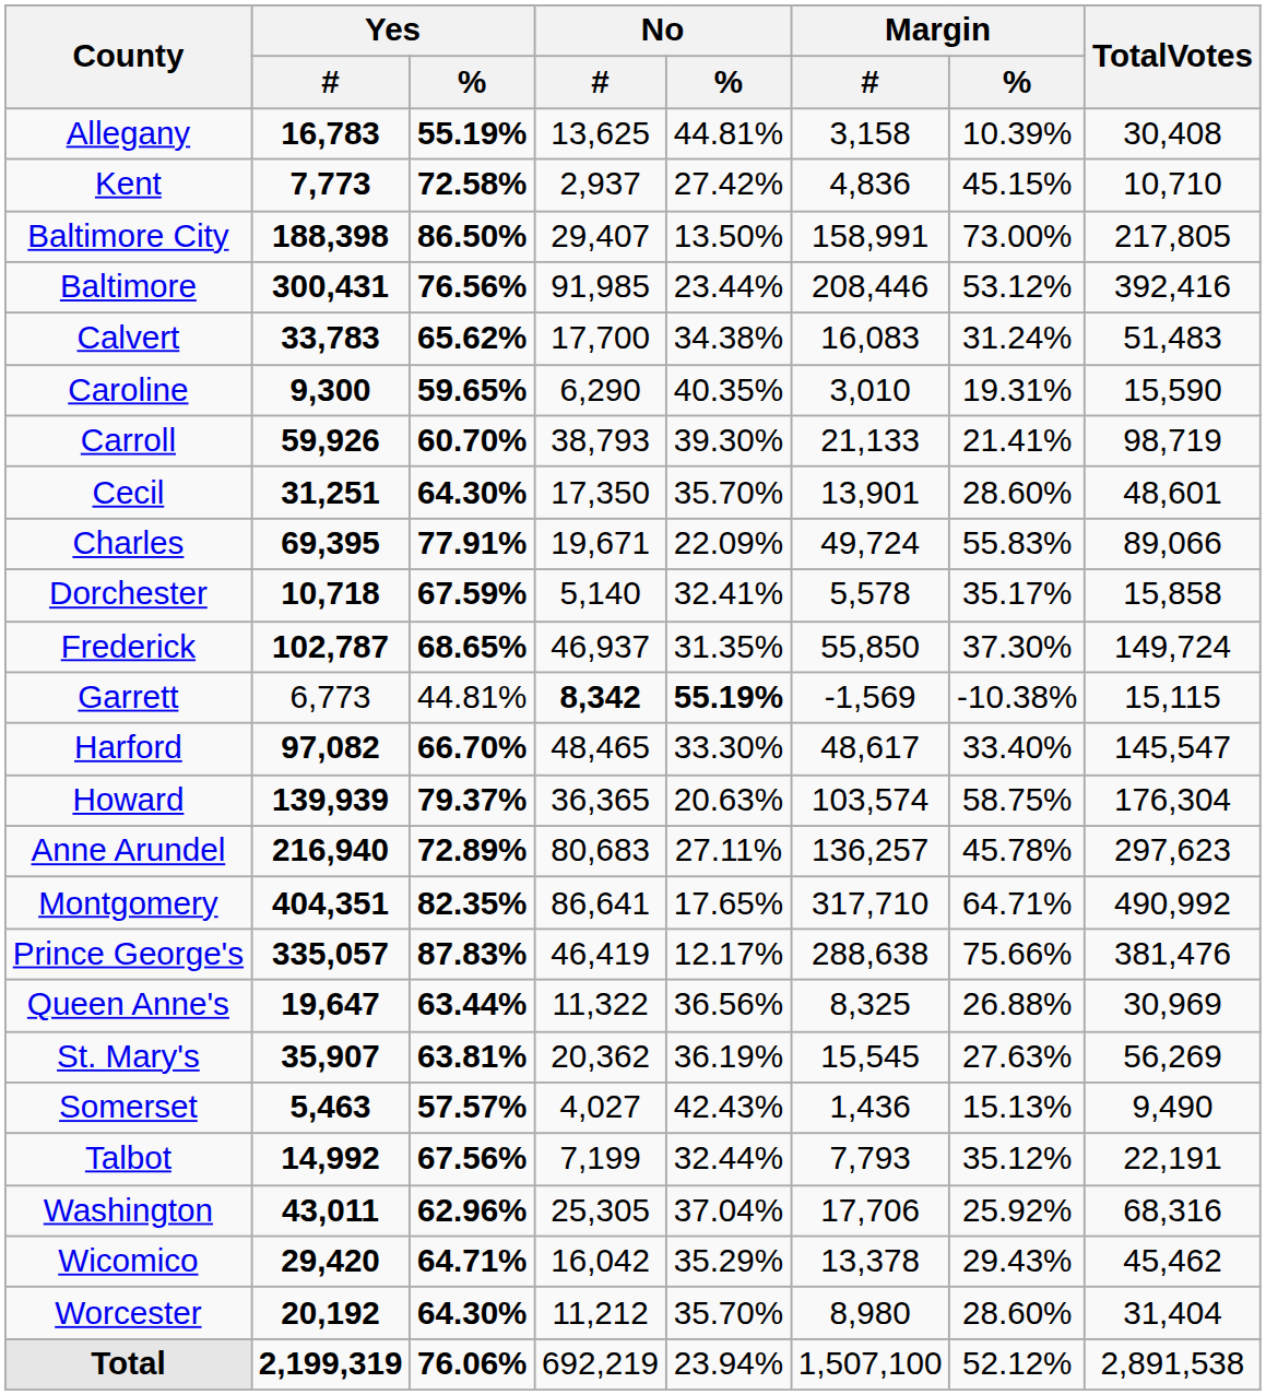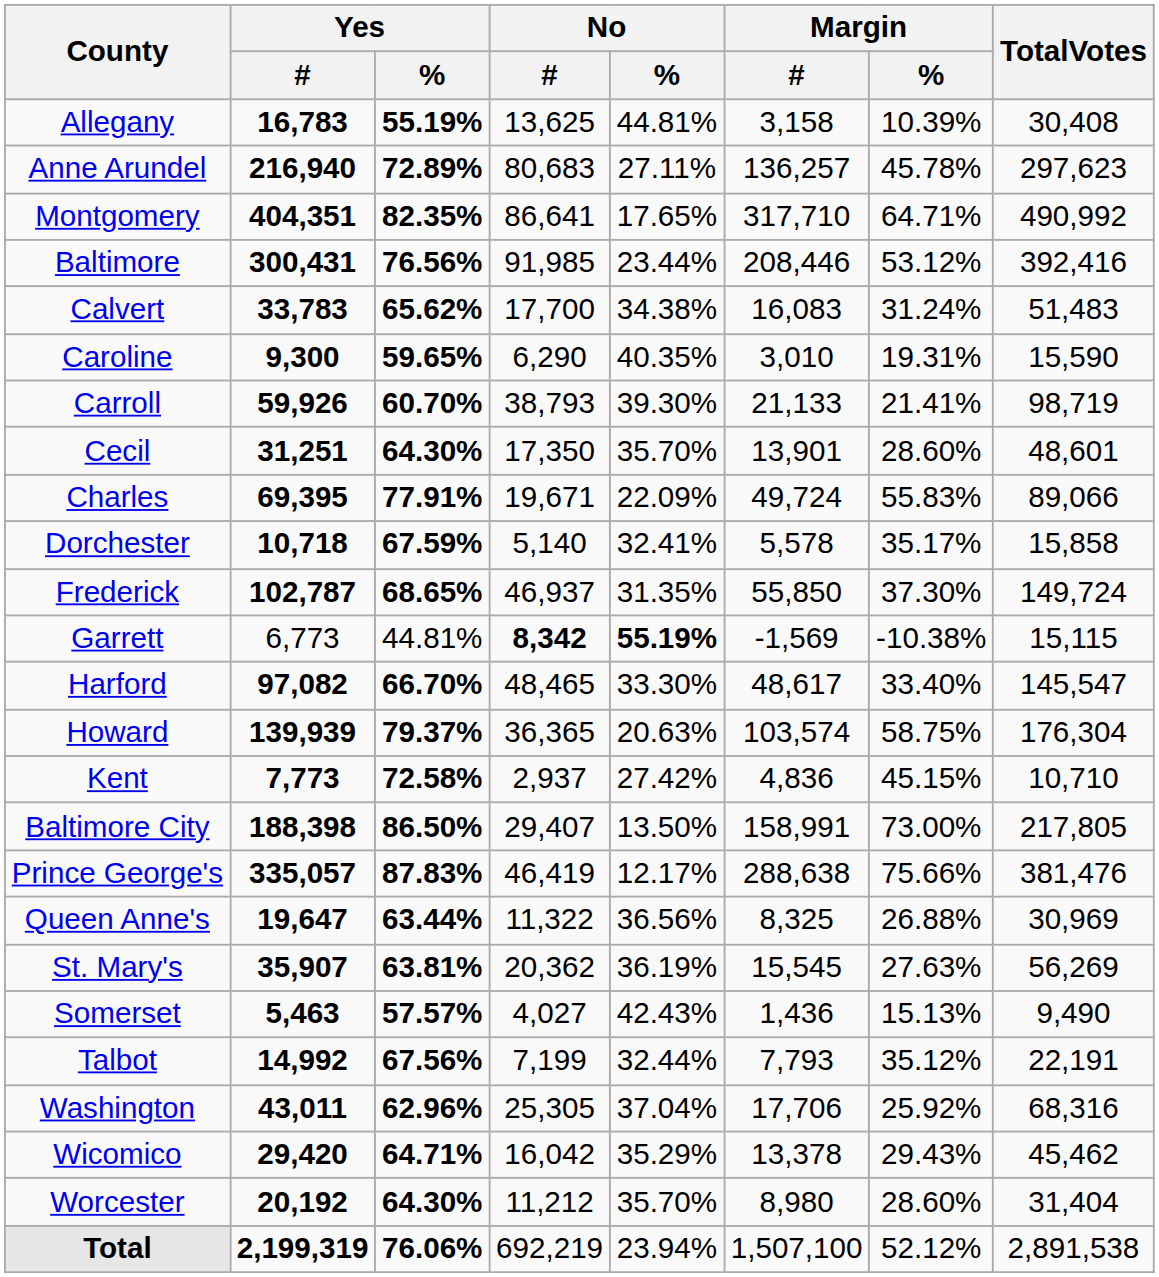 <table class="wikitable sortable" style="text-align:center">
 <tr style="background:lightgrey;">
 <th rowspan="2">County</th>
 <th colspan="2">Yes</th>
 <th colspan="2">No</th>
 <th colspan="2">Margin</th>
 <th rowspan="2">TotalVotes</th>
 </tr>
 <tr>
 <th>#</th>
 <th>%</th>
 <th>#</th>
 <th>%</th>
 <th>#</th>
 <th>%</th>
 </tr>
 <tr>
 <td style="text-align:center"><a href='#'>Allegany</a></td>
 <td><strong>16,783</strong></td>
 <td><strong>55.19%</strong></td>
 <td>13,625</td>
 <td>44.81%</td>
 <td>3,158</td>
 <td>10.39%</td>
 <td>30,408</td>
 </tr>
 <tr>
-<td style="text-align:center"><a href='#'>Kent</a></td>
-<td><strong>7,773</strong></td>
-<td><strong>72.58%</strong></td>
-<td>2,937</td>
-<td>27.42%</td>
-<td>4,836</td>
-<td>45.15%</td>
-<td>10,710</td>
+<td style="text-align:center"><a href='#'>Anne Arundel</a></td>
+<td><strong>216,940</strong></td>
+<td><strong>72.89%</strong></td>
+<td>80,683</td>
+<td>27.11%</td>
+<td>136,257</td>
+<td>45.78%</td>
+<td>297,623</td>
 </tr>
 <tr>
-<td style="text-align:center"><a href='#'>Baltimore City</a></td>
-<td><strong>188,398</strong></td>
-<td><strong>86.50%</strong></td>
-<td>29,407</td>
-<td>13.50%</td>
-<td>158,991</td>
-<td>73.00%</td>
-<td>217,805</td>
+<td style="text-align:center"><a href='#'>Montgomery</a></td>
+<td><strong>404,351</strong></td>
+<td><strong>82.35%</strong></td>
+<td>86,641</td>
+<td>17.65%</td>
+<td>317,710</td>
+<td>64.71%</td>
+<td>490,992</td>
 </tr>
 <tr>
 <td style="text-align:center"><a href='#'>Baltimore</a></td>
 <td><strong>300,431</strong></td>
 <td><strong>76.56%</strong></td>
 <td>91,985</td>
 <td>23.44%</td>
 <td>208,446</td>
 <td>53.12%</td>
 <td>392,416</td>
 </tr>
 <tr>
 <td style="text-align:center"><a href='#'>Calvert</a></td>
 <td><strong>33,783</strong></td>
 <td><strong>65.62%</strong></td>
 <td>17,700</td>
 <td>34.38%</td>
 <td>16,083</td>
 <td>31.24%</td>
 <td>51,483</td>
 </tr>
 <tr>
 <td style="text-align:center"><a href='#'>Caroline</a></td>
 <td><strong>9,300</strong></td>
 <td><strong>59.65%</strong></td>
 <td>6,290</td>
 <td>40.35%</td>
 <td>3,010</td>
 <td>19.31%</td>
 <td>15,590</td>
 </tr>
 <tr>
 <td style="text-align:center"><a href='#'>Carroll</a></td>
 <td><strong>59,926</strong></td>
 <td><strong>60.70%</strong></td>
 <td>38,793</td>
 <td>39.30%</td>
 <td>21,133</td>
 <td>21.41%</td>
 <td>98,719</td>
 </tr>
 <tr>
 <td style="text-align:center"><a href='#'>Cecil</a></td>
 <td><strong>31,251</strong></td>
 <td><strong>64.30%</strong></td>
 <td>17,350</td>
 <td>35.70%</td>
 <td>13,901</td>
 <td>28.60%</td>
 <td>48,601</td>
 </tr>
 <tr>
 <td style="text-align:center"><a href='#'>Charles</a></td>
 <td><strong>69,395</strong></td>
 <td><strong>77.91%</strong></td>
 <td>19,671</td>
 <td>22.09%</td>
 <td>49,724</td>
 <td>55.83%</td>
 <td>89,066</td>
 </tr>
 <tr>
 <td style="text-align:center"><a href='#'>Dorchester</a></td>
 <td><strong>10,718</strong></td>
 <td><strong>67.59%</strong></td>
 <td>5,140</td>
 <td>32.41%</td>
 <td>5,578</td>
 <td>35.17%</td>
 <td>15,858</td>
 </tr>
 <tr>
 <td style="text-align:center"><a href='#'>Frederick</a></td>
 <td><strong>102,787</strong></td>
 <td><strong>68.65%</strong></td>
 <td>46,937</td>
 <td>31.35%</td>
 <td>55,850</td>
 <td>37.30%</td>
 <td>149,724</td>
 </tr>
 <tr>
 <td style="text-align:center"><a href='#'>Garrett</a></td>
 <td>6,773</td>
 <td>44.81%</td>
 <td><strong>8,342</strong></td>
 <td><strong>55.19%</strong></td>
 <td>-1,569</td>
 <td>-10.38%</td>
 <td>15,115</td>
 </tr>
 <tr>
 <td style="text-align:center"><a href='#'>Harford</a></td>
 <td><strong>97,082</strong></td>
 <td><strong>66.70%</strong></td>
 <td>48,465</td>
 <td>33.30%</td>
 <td>48,617</td>
 <td>33.40%</td>
 <td>145,547</td>
 </tr>
 <tr>
 <td style="text-align:center"><a href='#'>Howard</a></td>
 <td><strong>139,939</strong></td>
 <td><strong>79.37%</strong></td>
 <td>36,365</td>
 <td>20.63%</td>
 <td>103,574</td>
 <td>58.75%</td>
 <td>176,304</td>
 </tr>
 <tr>
-<td style="text-align:center"><a href='#'>Anne Arundel</a></td>
-<td><strong>216,940</strong></td>
-<td><strong>72.89%</strong></td>
-<td>80,683</td>
-<td>27.11%</td>
-<td>136,257</td>
-<td>45.78%</td>
-<td>297,623</td>
+<td style="text-align:center"><a href='#'>Kent</a></td>
+<td><strong>7,773</strong></td>
+<td><strong>72.58%</strong></td>
+<td>2,937</td>
+<td>27.42%</td>
+<td>4,836</td>
+<td>45.15%</td>
+<td>10,710</td>
 </tr>
 <tr>
-<td style="text-align:center"><a href='#'>Montgomery</a></td>
-<td><strong>404,351</strong></td>
-<td><strong>82.35%</strong></td>
-<td>86,641</td>
-<td>17.65%</td>
-<td>317,710</td>
-<td>64.71%</td>
-<td>490,992</td>
+<td style="text-align:center"><a href='#'>Baltimore City</a></td>
+<td><strong>188,398</strong></td>
+<td><strong>86.50%</strong></td>
+<td>29,407</td>
+<td>13.50%</td>
+<td>158,991</td>
+<td>73.00%</td>
+<td>217,805</td>
 </tr>
 <tr>
 <td style="text-align:center"><a href='#'>Prince George's</a></td>
 <td><strong>335,057</strong></td>
 <td><strong>87.83%</strong></td>
 <td>46,419</td>
 <td>12.17%</td>
 <td>288,638</td>
 <td>75.66%</td>
 <td>381,476</td>
 </tr>
 <tr>
 <td style="text-align:center"><a href='#'>Queen Anne's</a></td>
 <td><strong>19,647</strong></td>
 <td><strong>63.44%</strong></td>
 <td>11,322</td>
 <td>36.56%</td>
 <td>8,325</td>
 <td>26.88%</td>
 <td>30,969</td>
 </tr>
 <tr>
 <td style="text-align:center"><a href='#'>St. Mary's</a></td>
 <td><strong>35,907</strong></td>
 <td><strong>63.81%</strong></td>
 <td>20,362</td>
 <td>36.19%</td>
 <td>15,545</td>
 <td>27.63%</td>
 <td>56,269</td>
 </tr>
 <tr>
 <td style="text-align:center"><a href='#'>Somerset</a></td>
 <td><strong>5,463</strong></td>
 <td><strong>57.57%</strong></td>
 <td>4,027</td>
 <td>42.43%</td>
 <td>1,436</td>
 <td>15.13%</td>
 <td>9,490</td>
 </tr>
 <tr>
 <td style="text-align:center"><a href='#'>Talbot</a></td>
 <td><strong>14,992</strong></td>
 <td><strong>67.56%</strong></td>
 <td>7,199</td>
 <td>32.44%</td>
 <td>7,793</td>
 <td>35.12%</td>
 <td>22,191</td>
 </tr>
 <tr>
 <td style="text-align:center"><a href='#'>Washington</a></td>
 <td><strong>43,011</strong></td>
 <td><strong>62.96%</strong></td>
 <td>25,305</td>
 <td>37.04%</td>
 <td>17,706</td>
 <td>25.92%</td>
 <td>68,316</td>
 </tr>
 <tr>
 <td style="text-align:center"><a href='#'>Wicomico</a></td>
 <td><strong>29,420</strong></td>
 <td><strong>64.71%</strong></td>
 <td>16,042</td>
 <td>35.29%</td>
 <td>13,378</td>
 <td>29.43%</td>
 <td>45,462</td>
 </tr>
 <tr>
 <td style="text-align:center"><a href='#'>Worcester</a></td>
 <td><strong>20,192</strong></td>
 <td><strong>64.30%</strong></td>
 <td>11,212</td>
 <td>35.70%</td>
 <td>8,980</td>
 <td>28.60%</td>
 <td>31,404</td>
 </tr>
 <tr class="sortbottom">
 <td style="background-color:#E6E6E6;"><strong>Total</strong></td>
 <td><strong>2,199,319</strong></td>
 <td><strong>76.06%</strong></td>
 <td>692,219</td>
 <td>23.94%</td>
 <td>1,507,100</td>
 <td>52.12%</td>
 <td>2,891,538</td>
 </tr>
 </table>
